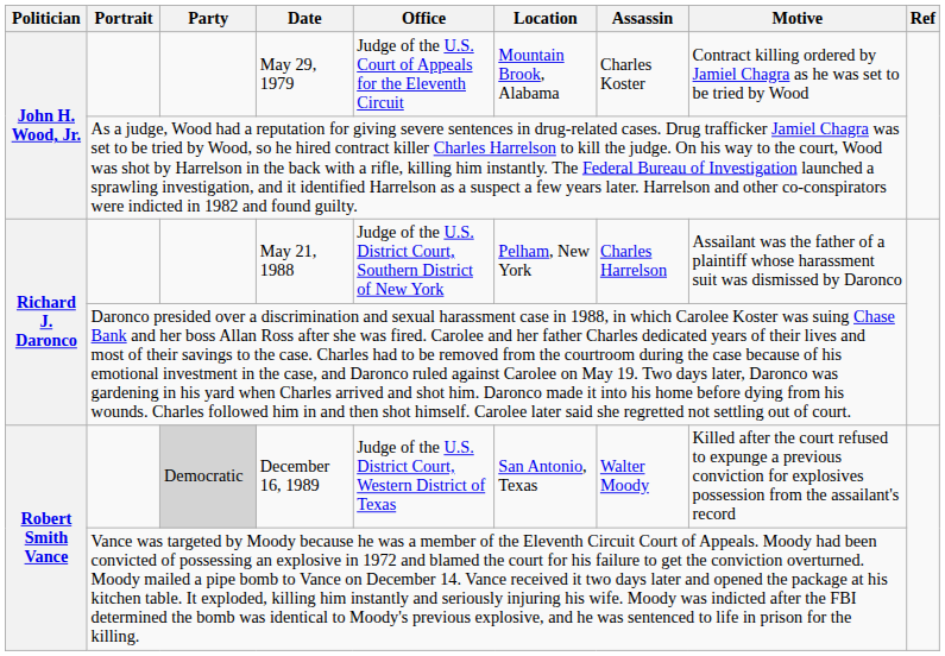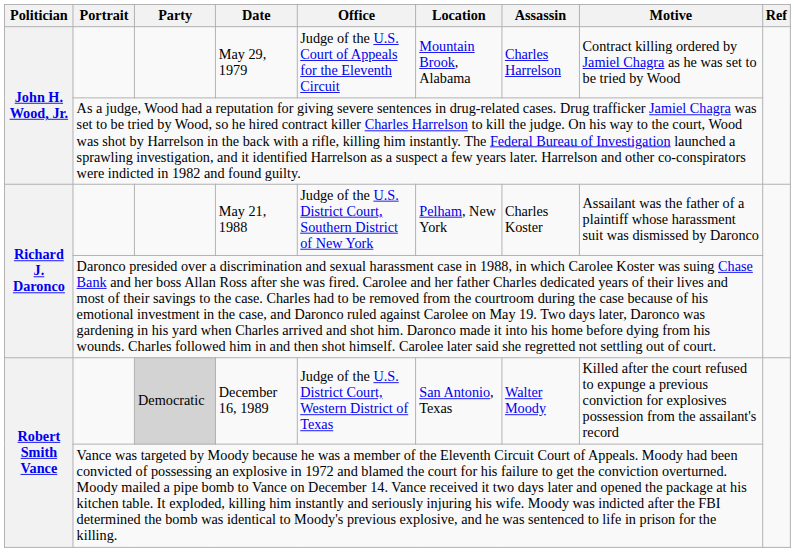 <table class="wikitable" style="width:100%;">
 <tr>
 <th>Politician</th>
 <th>Portrait</th>
 <th>Party</th>
 <th>Date</th>
 <th>Office</th>
 <th>Location</th>
 <th>Assassin</th>
 <th>Motive</th>
 <th>Ref</th>
 </tr>
 <tr>
 <th rowspan="2"><a href='#'>John H. Wood, Jr.</a></th>
 <td></td>
 <td></td>
 <td>May 29, 1979</td>
 <td>Judge of the <a href='#'>U.S. Court of Appeals for the Eleventh Circuit</a></td>
 <td><a href='#'>Mountain Brook</a>, Alabama</td>
-<td>Charles Koster</td>
+<td><a href='#'>Charles Harrelson</a></td>
 <td>Contract killing ordered by <a href='#'>Jamiel Chagra</a> as he was set to be tried by Wood</td>
 <td rowspan="2"></td>
 </tr>
 <tr class="expand-child">
 <td colspan="7">As a judge, Wood had a reputation for giving severe sentences in drug-related cases. Drug trafficker <a href='#'>Jamiel Chagra</a> was set to be tried by Wood, so he hired contract killer <a href='#'>Charles Harrelson</a> to kill the judge. On his way to the court, Wood was shot by Harrelson in the back with a rifle, killing him instantly. The <a href='#'>Federal Bureau of Investigation</a> launched a sprawling investigation, and it identified Harrelson as a suspect a few years later. Harrelson and other co-conspirators were indicted in 1982 and found guilty.</td>
 </tr>
 <tr>
 <th rowspan="2"><a href='#'>Richard J. Daronco</a></th>
 <td></td>
 <td></td>
 <td>May 21, 1988</td>
 <td>Judge of the <a href='#'>U.S. District Court, Southern District of New York</a></td>
 <td><a href='#'>Pelham</a>, New York</td>
-<td><a href='#'>Charles Harrelson</a></td>
+<td>Charles Koster</td>
 <td>Assailant was the father of a plaintiff whose harassment suit was dismissed by Daronco</td>
 <td rowspan="2"></td>
 </tr>
 <tr class="expand-child">
 <td colspan="7">Daronco presided over a discrimination and sexual harassment case in 1988, in which Carolee Koster was suing <a href='#'>Chase Bank</a> and her boss Allan Ross after she was fired. Carolee and her father Charles dedicated years of their lives and most of their savings to the case. Charles had to be removed from the courtroom during the case because of his emotional investment in the case, and Daronco ruled against Carolee on May 19. Two days later, Daronco was gardening in his yard when Charles arrived and shot him. Daronco made it into his home before dying from his wounds. Charles followed him in and then shot himself. Carolee later said she regretted not settling out of court.</td>
 </tr>
 <tr>
 <th rowspan="2"><a href='#'>Robert Smith Vance</a></th>
 <td></td>
 <td style="background: lightgrey;">Democratic</td>
 <td>December 16, 1989</td>
 <td>Judge of the <a href='#'>U.S. District Court, Western District of Texas</a></td>
 <td><a href='#'>San Antonio</a>, Texas</td>
 <td><a href='#'>Walter Moody</a></td>
 <td>Killed after the court refused to expunge a previous conviction for explosives possession from the assailant's record</td>
 <td rowspan="2"></td>
 </tr>
 <tr class="expand-child">
 <td colspan="7">Vance was targeted by Moody because he was a member of the Eleventh Circuit Court of Appeals. Moody had been convicted of possessing an explosive in 1972 and blamed the court for his failure to get the conviction overturned. Moody mailed a pipe bomb to Vance on December 14. Vance received it two days later and opened the package at his kitchen table. It exploded, killing him instantly and seriously injuring his wife. Moody was indicted after the FBI determined the bomb was identical to Moody's previous explosive, and he was sentenced to life in prison for the killing.</td>
 </tr>
 </table>
